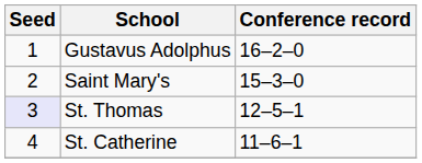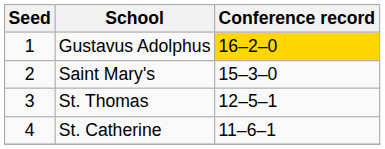 <table class="wikitable">
 <tr>
 <th>Seed</th>
 <th>School</th>
 <th>Conference record</th>
 </tr>
 <tr>
 <td align=center>1</td>
 <td>Gustavus Adolphus</td>
-<td>16–2–0</td>
+<td style="background: gold;">16–2–0</td>
 </tr>
 <tr>
 <td align=center>2</td>
 <td>Saint Mary's</td>
 <td>15–3–0</td>
 </tr>
 <tr>
-<td align=center style="background: lavender;">3</td>
+<td align=center>3</td>
 <td>St. Thomas</td>
 <td>12–5–1</td>
 </tr>
 <tr>
 <td align=center>4</td>
 <td>St. Catherine</td>
 <td>11–6–1</td>
 </tr>
 <tr>
 </tr>
 </table>
